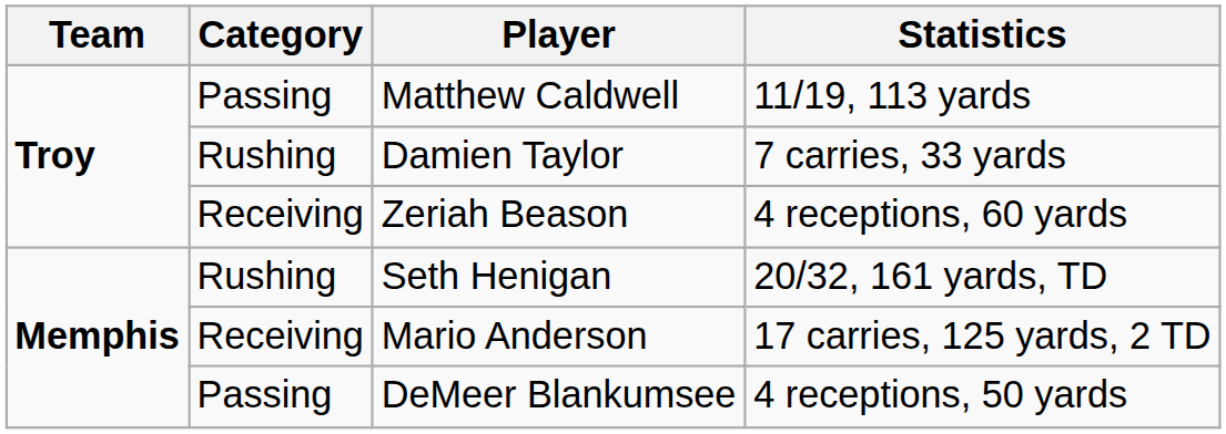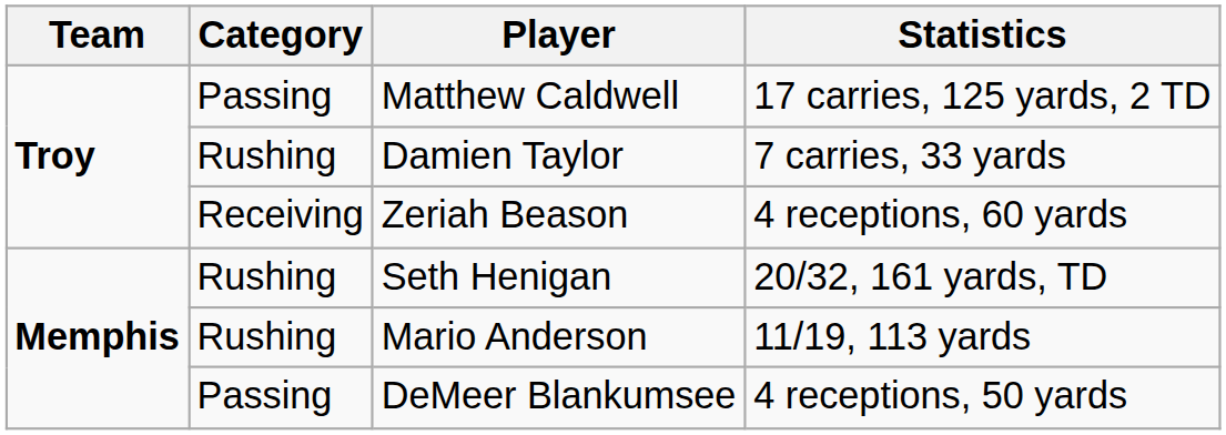 <table class="wikitable" style="float: right;">
 <tr>
 <th>Team</th>
 <th>Category</th>
 <th>Player</th>
 <th>Statistics</th>
 </tr>
 <tr>
 <td rowspan=3><strong>Troy</strong></td>
 <td>Passing</td>
 <td>Matthew Caldwell</td>
-<td>11/19, 113 yards</td>
+<td>17 carries, 125 yards, 2 TD</td>
 </tr>
 <tr>
 <td>Rushing</td>
 <td>Damien Taylor</td>
 <td>7 carries, 33 yards</td>
 </tr>
 <tr>
 <td>Receiving</td>
 <td>Zeriah Beason</td>
 <td>4 receptions, 60 yards</td>
 </tr>
 <tr>
 <td rowspan=3><strong>Memphis</strong></td>
 <td>Rushing</td>
 <td>Seth Henigan</td>
 <td>20/32, 161 yards, TD</td>
 </tr>
 <tr>
-<td>Receiving</td>
+<td>Rushing</td>
 <td>Mario Anderson</td>
-<td>17 carries, 125 yards, 2 TD</td>
+<td>11/19, 113 yards</td>
 </tr>
 <tr>
 <td>Passing</td>
 <td>DeMeer Blankumsee</td>
 <td>4 receptions, 50 yards</td>
 </tr>
 </table>
